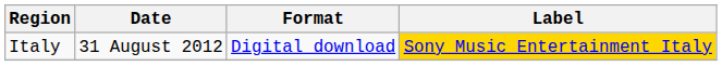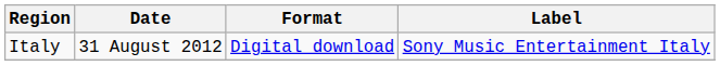 <table class=wikitable>
 <tr>
 <th>Region</th>
 <th>Date</th>
 <th>Format</th>
 <th>Label</th>
 </tr>
 <tr>
 <td>Italy</td>
 <td>31 August 2012</td>
 <td><a href='#'>Digital download</a></td>
-<td style="background: gold;"><a href='#'>Sony Music Entertainment Italy</a></td>
+<td><a href='#'>Sony Music Entertainment Italy</a></td>
 </tr>
 <tr>
 </tr>
 </table>
